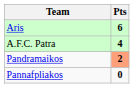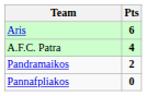 <table class="wikitable" style="text-align: center;">
 <tr>
 <th width=165>Team</th>
 <th width=20>Pts</th>
 </tr>
 <tr bgcolor="#ccffcc">
 <td align=left><a href='#'>Aris</a></td>
 <td><strong>6</strong></td>
 </tr>
 <tr bgcolor="#ccffcc">
 <td align=left>A.F.C. Patra</td>
 <td><strong>4</strong></td>
 </tr>
 <tr>
 <td align=left><a href='#'>Pandramaikos</a></td>
-<td style="background: lightsalmon;"><strong>2</strong></td>
+<td><strong>2</strong></td>
 </tr>
 <tr>
 <td align=left><a href='#'>Pannafpliakos</a></td>
 <td><strong>0</strong></td>
 </tr>
 </table>
